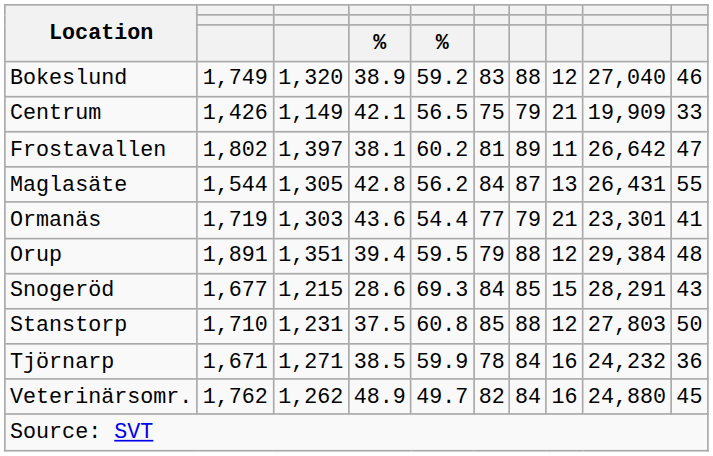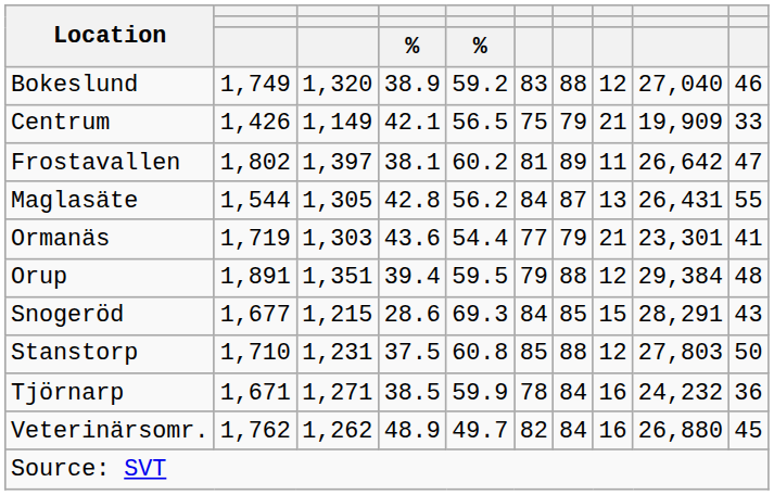 <table role="presentation" class="wikitable sortable mw-collapsible">
 <tr>
 <th rowspan="3">Location</th>
 <th></th>
 <th></th>
 <th></th>
 <th></th>
 <th></th>
 <th></th>
 <th></th>
 <th></th>
 <th></th>
 </tr>
 <tr>
 <th></th>
 <th></th>
 <th style="background:"></th>
 <th style="background:"></th>
 <th></th>
 <th></th>
 <th></th>
 <th></th>
 <th></th>
 </tr>
 <tr>
 <th data-sort-type="number"></th>
 <th data-sort-type="number"></th>
 <th data-sort-type="number">%</th>
 <th data-sort-type="number">%</th>
 <th data-sort-type="number"></th>
 <th data-sort-type="number"></th>
 <th data-sort-type="number"></th>
 <th data-sort-type="number"></th>
 <th data-sort-type="number"></th>
 </tr>
 <tr>
 <td align="left">Bokeslund</td>
 <td>1,749</td>
 <td>1,320</td>
 <td>38.9</td>
 <td>59.2</td>
 <td>83</td>
 <td>88</td>
 <td>12</td>
 <td>27,040</td>
 <td>46</td>
 </tr>
 <tr>
 <td align="left">Centrum</td>
 <td>1,426</td>
 <td>1,149</td>
 <td>42.1</td>
 <td>56.5</td>
 <td>75</td>
 <td>79</td>
 <td>21</td>
 <td>19,909</td>
 <td>33</td>
 </tr>
 <tr>
 <td align="left">Frostavallen</td>
 <td>1,802</td>
 <td>1,397</td>
 <td>38.1</td>
 <td>60.2</td>
 <td>81</td>
 <td>89</td>
 <td>11</td>
 <td>26,642</td>
 <td>47</td>
 </tr>
 <tr>
 <td align="left">Maglasäte</td>
 <td>1,544</td>
 <td>1,305</td>
 <td>42.8</td>
 <td>56.2</td>
 <td>84</td>
 <td>87</td>
 <td>13</td>
 <td>26,431</td>
 <td>55</td>
 </tr>
 <tr>
 <td align="left">Ormanäs</td>
 <td>1,719</td>
 <td>1,303</td>
 <td>43.6</td>
 <td>54.4</td>
 <td>77</td>
 <td>79</td>
 <td>21</td>
 <td>23,301</td>
 <td>41</td>
 </tr>
 <tr>
 <td align="left">Orup</td>
 <td>1,891</td>
 <td>1,351</td>
 <td>39.4</td>
 <td>59.5</td>
 <td>79</td>
 <td>88</td>
 <td>12</td>
 <td>29,384</td>
 <td>48</td>
 </tr>
 <tr>
 <td align="left">Snogeröd</td>
 <td>1,677</td>
 <td>1,215</td>
 <td>28.6</td>
 <td>69.3</td>
 <td>84</td>
 <td>85</td>
 <td>15</td>
 <td>28,291</td>
 <td>43</td>
 </tr>
 <tr>
 <td align="left">Stanstorp</td>
 <td>1,710</td>
 <td>1,231</td>
 <td>37.5</td>
 <td>60.8</td>
 <td>85</td>
 <td>88</td>
 <td>12</td>
 <td>27,803</td>
 <td>50</td>
 </tr>
 <tr>
 <td align="left">Tjörnarp</td>
 <td>1,671</td>
 <td>1,271</td>
 <td>38.5</td>
 <td>59.9</td>
 <td>78</td>
 <td>84</td>
 <td>16</td>
 <td>24,232</td>
 <td>36</td>
 </tr>
 <tr>
 <td align="left">Veterinärsomr.</td>
 <td>1,762</td>
 <td>1,262</td>
 <td>48.9</td>
 <td>49.7</td>
 <td>82</td>
 <td>84</td>
 <td>16</td>
-<td>24,880</td>
+<td>26,880</td>
 <td>45</td>
 </tr>
 <tr>
 <td colspan="10" align="left">Source: <a href='#'>SVT</a></td>
 </tr>
 </table>
